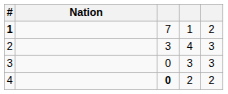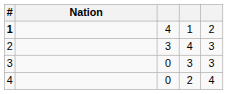 <table class="wikitable"  padding=3>
 <tr>
 <th width="5%" class="hintergrundfarbe8">#</th>
 <th width="65%" class="hintergrundfarbe8">Nation</th>
 <th width="10%"></th>
 <th width="10%"></th>
 <th width="10%"></th>
 </tr>
 <tr>
 <td><strong>1</strong></td>
 <td></td>
-<td style="text-align:center">7</td>
+<td style="text-align:center">4</td>
 <td style="text-align:center">1</td>
 <td style="text-align:center">2</td>
 </tr>
 <tr>
 <td>2</td>
 <td></td>
 <td style="text-align:center">3</td>
 <td style="text-align:center">4</td>
 <td style="text-align:center">3</td>
 </tr>
 <tr>
 <td>3</td>
 <td></td>
 <td style="text-align:center">0</td>
 <td style="text-align:center">3</td>
 <td style="text-align:center">3</td>
 </tr>
 <tr>
 <td>4</td>
 <td></td>
-<td style="text-align:center"><strong>0</strong></td>
+<td style="text-align:center">0</td>
 <td style="text-align:center">2</td>
-<td style="text-align:center">2</td>
+<td style="text-align:center">4</td>
 </tr>
 </table>
